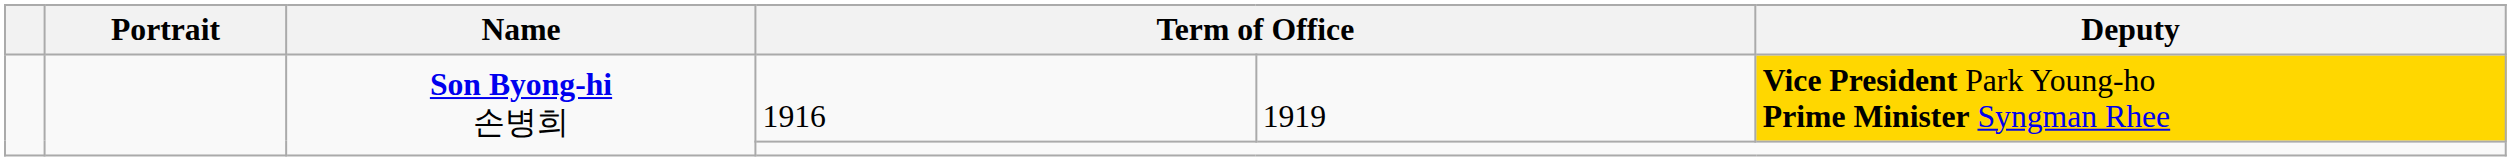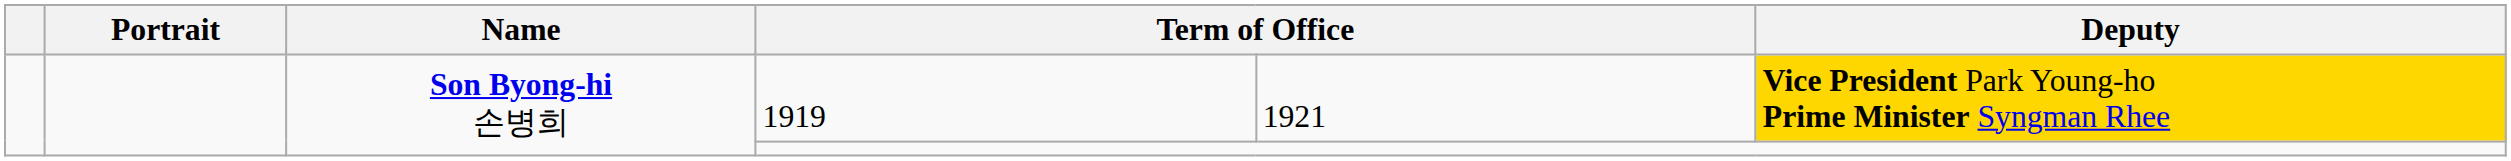 <table class="wikitable" width="100%">
 <tr>
 <th align=left width=10></th>
 <th width=100>Portrait</th>
 <th width=200>Name<br></th>
 <th align=center colspan=2 width=40%>Term of Office</th>
 <th align=left width=30%>Deputy</th>
 </tr>
 <tr>
 <td align=center rowspan=2><strong></strong></td>
 <td align=center rowspan=2></td>
 <td align=center rowspan=2><strong><a href='#'>Son Byong-hi</a></strong><br><span>손병희<br></td>
-<td><br>1916</td>
 <td><br>1919</td>
+<td><br>1921</td>
 <td align=left style="background: gold;"><strong>Vice President</strong> Park Young-ho <br> <strong>Prime Minister</strong> <a href='#'>Syngman Rhee</a></td>
 </tr>
 <tr>
 <td colspan=3></td>
 </tr>
 </table>
